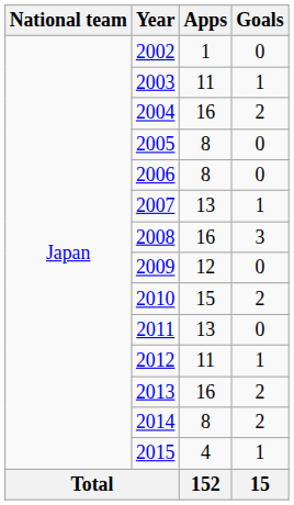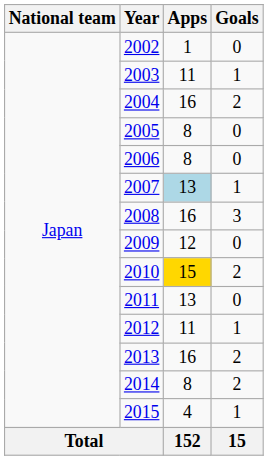 <table class="wikitable" style="text-align:center">
 <tr>
 <th>National team</th>
 <th>Year</th>
 <th>Apps</th>
 <th>Goals</th>
 </tr>
 <tr>
 <td rowspan="14"><a href='#'>Japan</a></td>
 <td><a href='#'>2002</a></td>
 <td>1</td>
 <td>0</td>
 </tr>
 <tr>
 <td><a href='#'>2003</a></td>
 <td>11</td>
 <td>1</td>
 </tr>
 <tr>
 <td><a href='#'>2004</a></td>
 <td>16</td>
 <td>2</td>
 </tr>
 <tr>
 <td><a href='#'>2005</a></td>
 <td>8</td>
 <td>0</td>
 </tr>
 <tr>
 <td><a href='#'>2006</a></td>
 <td>8</td>
 <td>0</td>
 </tr>
 <tr>
 <td><a href='#'>2007</a></td>
-<td>13</td>
+<td style="background: lightblue;">13</td>
 <td>1</td>
 </tr>
 <tr>
 <td><a href='#'>2008</a></td>
 <td>16</td>
 <td>3</td>
 </tr>
 <tr>
 <td><a href='#'>2009</a></td>
 <td>12</td>
 <td>0</td>
 </tr>
 <tr>
 <td><a href='#'>2010</a></td>
-<td>15</td>
+<td style="background: gold;">15</td>
 <td>2</td>
 </tr>
 <tr>
 <td><a href='#'>2011</a></td>
 <td>13</td>
 <td>0</td>
 </tr>
 <tr>
 <td><a href='#'>2012</a></td>
 <td>11</td>
 <td>1</td>
 </tr>
 <tr>
 <td><a href='#'>2013</a></td>
 <td>16</td>
 <td>2</td>
 </tr>
 <tr>
 <td><a href='#'>2014</a></td>
 <td>8</td>
 <td>2</td>
 </tr>
 <tr>
 <td><a href='#'>2015</a></td>
 <td>4</td>
 <td>1</td>
 </tr>
 <tr>
 <th colspan="2">Total</th>
 <th>152</th>
 <th>15</th>
 </tr>
 </table>
